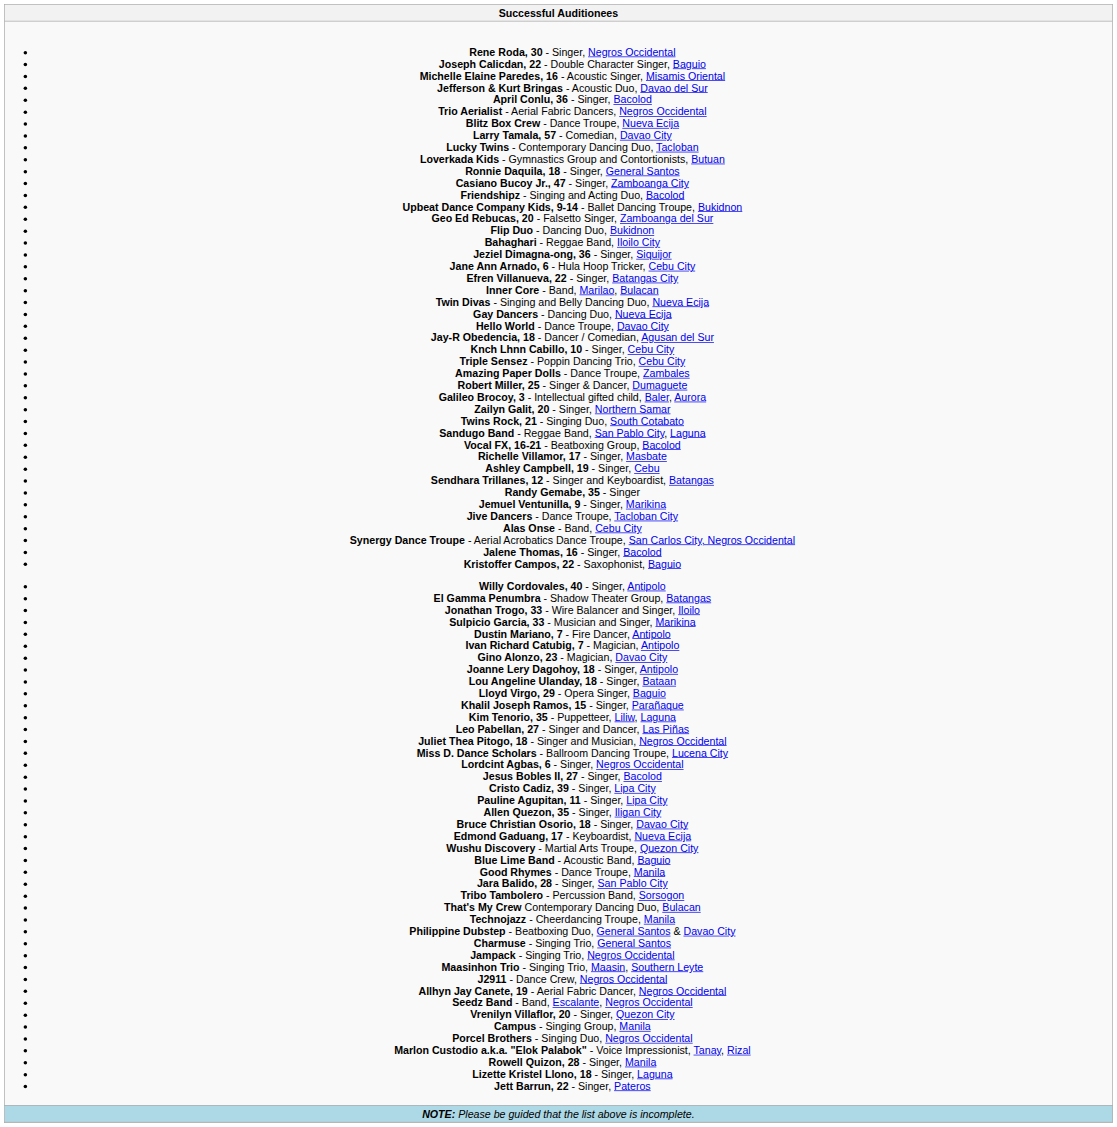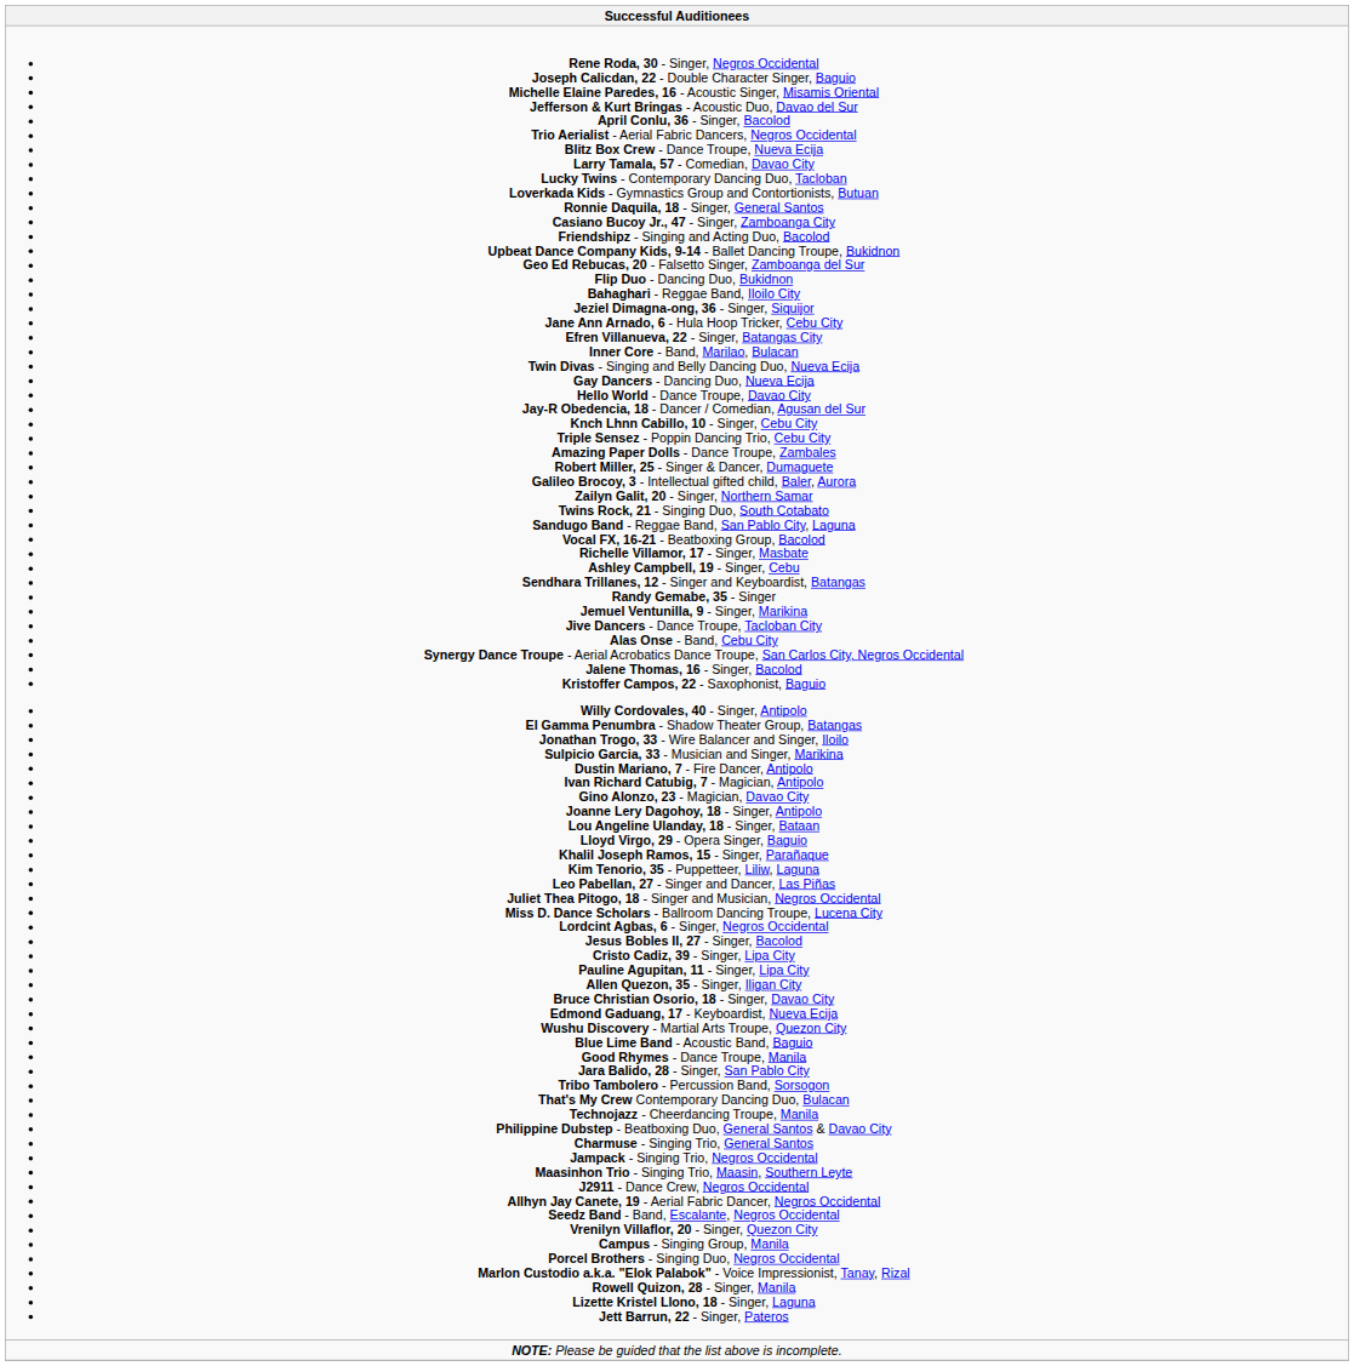 <table class="wikitable collapsible collapsed" style="text-align:center; font-size:95%; width:100%;">
 <tr>
 <th style="text-align: center">Successful Auditionees</th>
 </tr>
 <tr>
 <td><br> <ul><li><strong>Rene Roda, 30</strong> - Singer, <a href='#'>Negros Occidental</a></li><li><strong>Joseph Calicdan, 22</strong> - Double Character Singer, <a href='#'>Baguio</a></li><li><strong>Michelle Elaine Paredes, 16</strong> - Acoustic Singer, <a href='#'>Misamis Oriental</a></li><li><strong>Jefferson & Kurt Bringas</strong> - Acoustic Duo, <a href='#'>Davao del Sur</a></li><li><strong>April Conlu, 36</strong> - Singer, <a href='#'>Bacolod</a></li><li><strong>Trio Aerialist</strong> - Aerial Fabric Dancers, <a href='#'>Negros Occidental</a></li><li><strong>Blitz Box Crew</strong> - Dance Troupe, <a href='#'>Nueva Ecija</a></li><li><strong>Larry Tamala, 57</strong> - Comedian, <a href='#'>Davao City</a></li><li><strong>Lucky Twins</strong> - Contemporary Dancing Duo, <a href='#'>Tacloban</a></li><li><strong>Loverkada Kids</strong> - Gymnastics Group and Contortionists, <a href='#'>Butuan</a></li><li><strong>Ronnie Daquila, 18</strong> - Singer, <a href='#'>General Santos</a></li><li><strong>Casiano Bucoy Jr., 47</strong> - Singer, <a href='#'>Zamboanga City</a></li><li><strong>Friendshipz</strong> - Singing and Acting Duo, <a href='#'>Bacolod</a></li><li><strong>Upbeat Dance Company Kids, 9-14</strong> - Ballet Dancing Troupe, <a href='#'>Bukidnon</a></li><li><strong>Geo Ed Rebucas, 20</strong> - Falsetto Singer, <a href='#'>Zamboanga del Sur</a></li><li><strong>Flip Duo</strong> - Dancing Duo, <a href='#'>Bukidnon</a></li><li><strong>Bahaghari</strong> - Reggae Band, <a href='#'>Iloilo City</a></li><li><strong>Jeziel Dimagna-ong, 36</strong> - Singer, <a href='#'>Siquijor</a></li><li><strong>Jane Ann Arnado, 6</strong> - Hula Hoop Tricker, <a href='#'>Cebu City</a></li><li><strong>Efren Villanueva, 22</strong> - Singer, <a href='#'>Batangas City</a></li><li><strong>Inner Core</strong> - Band, <a href='#'>Marilao</a>, <a href='#'>Bulacan</a></li><li><strong>Twin Divas</strong> - Singing and Belly Dancing Duo, <a href='#'>Nueva Ecija</a></li><li><strong>Gay Dancers</strong> - Dancing Duo, <a href='#'>Nueva Ecija</a></li><li><strong>Hello World</strong> - Dance Troupe, <a href='#'>Davao City</a></li><li><strong>Jay-R Obedencia, 18</strong> - Dancer / Comedian, <a href='#'>Agusan del Sur</a></li><li><strong>Knch Lhnn Cabillo, 10</strong> - Singer, <a href='#'>Cebu City</a></li><li><strong>Triple Sensez</strong> - Poppin Dancing Trio, <a href='#'>Cebu City</a></li><li><strong>Amazing Paper Dolls</strong> - Dance Troupe, <a href='#'>Zambales</a></li><li><strong>Robert Miller, 25</strong> - Singer & Dancer, <a href='#'>Dumaguete</a></li><li><strong>Galileo Brocoy, 3</strong> - Intellectual gifted child, <a href='#'>Baler</a>, <a href='#'>Aurora</a></li><li><strong>Zailyn Galit, 20</strong> - Singer, <a href='#'>Northern Samar</a></li><li><strong>Twins Rock, 21</strong> - Singing Duo, <a href='#'>South Cotabato</a></li><li><strong>Sandugo Band</strong> - Reggae Band, <a href='#'>San Pablo City</a>, <a href='#'>Laguna</a></li><li><strong>Vocal FX, 16-21</strong> - Beatboxing Group, <a href='#'>Bacolod</a></li><li><strong>Richelle Villamor, 17</strong> - Singer, <a href='#'>Masbate</a></li><li><strong>Ashley Campbell, 19</strong> - Singer, <a href='#'>Cebu</a></li><li><strong>Sendhara Trillanes, 12</strong> - Singer and Keyboardist, <a href='#'>Batangas</a></li><li><strong>Randy Gemabe, 35</strong> - Singer</li><li><strong>Jemuel Ventunilla, 9</strong> - Singer, <a href='#'>Marikina</a></li><li><strong>Jive Dancers</strong> - Dance Troupe, <a href='#'>Tacloban City</a></li><li><strong>Alas Onse</strong> - Band, <a href='#'>Cebu City</a></li><li><strong>Synergy Dance Troupe</strong> - Aerial Acrobatics Dance Troupe, <a href='#'>San Carlos City, Negros Occidental</a></li><li><strong>Jalene Thomas, 16</strong> - Singer, <a href='#'>Bacolod</a></li><li><strong>Kristoffer Campos, 22</strong> - Saxophonist, <a href='#'>Baguio</a></li></ul><ul><li><strong>Willy Cordovales, 40</strong> - Singer, <a href='#'>Antipolo</a></li><li><strong>El Gamma Penumbra</strong> - Shadow Theater Group, <a href='#'>Batangas</a></li><li><strong>Jonathan Trogo, 33</strong> - Wire Balancer and Singer, <a href='#'>Iloilo</a></li><li><strong>Sulpicio Garcia, 33</strong> - Musician and Singer, <a href='#'>Marikina</a></li><li><strong>Dustin Mariano, 7</strong> - Fire Dancer, <a href='#'>Antipolo</a></li><li><strong>Ivan Richard Catubig, 7</strong> - Magician, <a href='#'>Antipolo</a></li><li><strong>Gino Alonzo, 23</strong> - Magician, <a href='#'>Davao City</a></li><li><strong>Joanne Lery Dagohoy, 18</strong> - Singer, <a href='#'>Antipolo</a></li><li><strong>Lou Angeline Ulanday, 18</strong> - Singer, <a href='#'>Bataan</a></li><li><strong>Lloyd Virgo, 29</strong> - Opera Singer, <a href='#'>Baguio</a></li><li><strong>Khalil Joseph Ramos, 15</strong> - Singer, <a href='#'>Parañaque</a></li><li><strong>Kim Tenorio, 35</strong> - Puppetteer, <a href='#'>Liliw</a>, <a href='#'>Laguna</a></li><li><strong>Leo Pabellan, 27</strong> - Singer and Dancer, <a href='#'>Las Piñas</a></li><li><strong>Juliet Thea Pitogo, 18</strong> - Singer and Musician, <a href='#'>Negros Occidental</a></li><li><strong>Miss D. Dance Scholars</strong> - Ballroom Dancing Troupe, <a href='#'>Lucena City</a></li><li><strong>Lordcint Agbas, 6</strong> - Singer, <a href='#'>Negros Occidental</a></li><li><strong>Jesus Bobles II, 27</strong> - Singer, <a href='#'>Bacolod</a></li><li><strong>Cristo Cadiz, 39</strong> - Singer, <a href='#'>Lipa City</a></li><li><strong>Pauline Agupitan, 11</strong> - Singer, <a href='#'>Lipa City</a></li><li><strong>Allen Quezon, 35</strong> - Singer, <a href='#'>Iligan City</a></li><li><strong>Bruce Christian Osorio, 18</strong> - Singer, <a href='#'>Davao City</a></li><li><strong>Edmond Gaduang, 17</strong> - Keyboardist, <a href='#'>Nueva Ecija</a></li><li><strong>Wushu Discovery</strong> - Martial Arts Troupe, <a href='#'>Quezon City</a></li><li><strong>Blue Lime Band</strong> - Acoustic Band, <a href='#'>Baguio</a></li><li><strong>Good Rhymes</strong> - Dance Troupe, <a href='#'>Manila</a></li><li><strong>Jara Balido, 28</strong> - Singer, <a href='#'>San Pablo City</a></li><li><strong>Tribo Tambolero</strong> - Percussion Band, <a href='#'>Sorsogon</a></li><li><strong>That's My Crew</strong> Contemporary Dancing Duo, <a href='#'>Bulacan</a></li><li><strong>Technojazz</strong> - Cheerdancing Troupe, <a href='#'>Manila</a></li><li><strong>Philippine Dubstep</strong> - Beatboxing Duo, <a href='#'>General Santos</a> & <a href='#'>Davao City</a></li><li><strong>Charmuse</strong> - Singing Trio, <a href='#'>General Santos</a></li><li><strong>Jampack</strong> - Singing Trio, <a href='#'>Negros Occidental</a></li><li><strong>Maasinhon Trio</strong> - Singing Trio, <a href='#'>Maasin</a>, <a href='#'>Southern Leyte</a></li><li><strong>J2911</strong> - Dance Crew, <a href='#'>Negros Occidental</a></li><li><strong>Allhyn Jay Canete, 19</strong> - Aerial Fabric Dancer, <a href='#'>Negros Occidental</a></li><li><strong>Seedz Band</strong> - Band, <a href='#'>Escalante</a>, <a href='#'>Negros Occidental</a></li><li><strong>Vrenilyn Villaflor, 20</strong> - Singer, <a href='#'>Quezon City</a></li><li><strong>Campus</strong> - Singing Group, <a href='#'>Manila</a></li><li><strong>Porcel Brothers</strong> - Singing Duo, <a href='#'>Negros Occidental</a></li><li><strong>Marlon Custodio a.k.a. "Elok Palabok"</strong> - Voice Impressionist, <a href='#'>Tanay</a>, <a href='#'>Rizal</a></li><li><strong>Rowell Quizon, 28</strong> - Singer, <a href='#'>Manila</a></li><li><strong>Lizette Kristel Llono, 18</strong> - Singer, <a href='#'>Laguna</a></li><li><strong>Jett Barrun, 22</strong> - Singer, <a href='#'>Pateros</a></li></ul> </td>
 </tr>
 <tr>
-<td style="background: lightblue;"><strong><em>NOTE:</em></strong> <em>Please be guided that the list above is incomplete.</em></td>
+<td><strong><em>NOTE:</em></strong> <em>Please be guided that the list above is incomplete.</em></td>
 </tr>
 <tr>
 </tr>
 </table>
